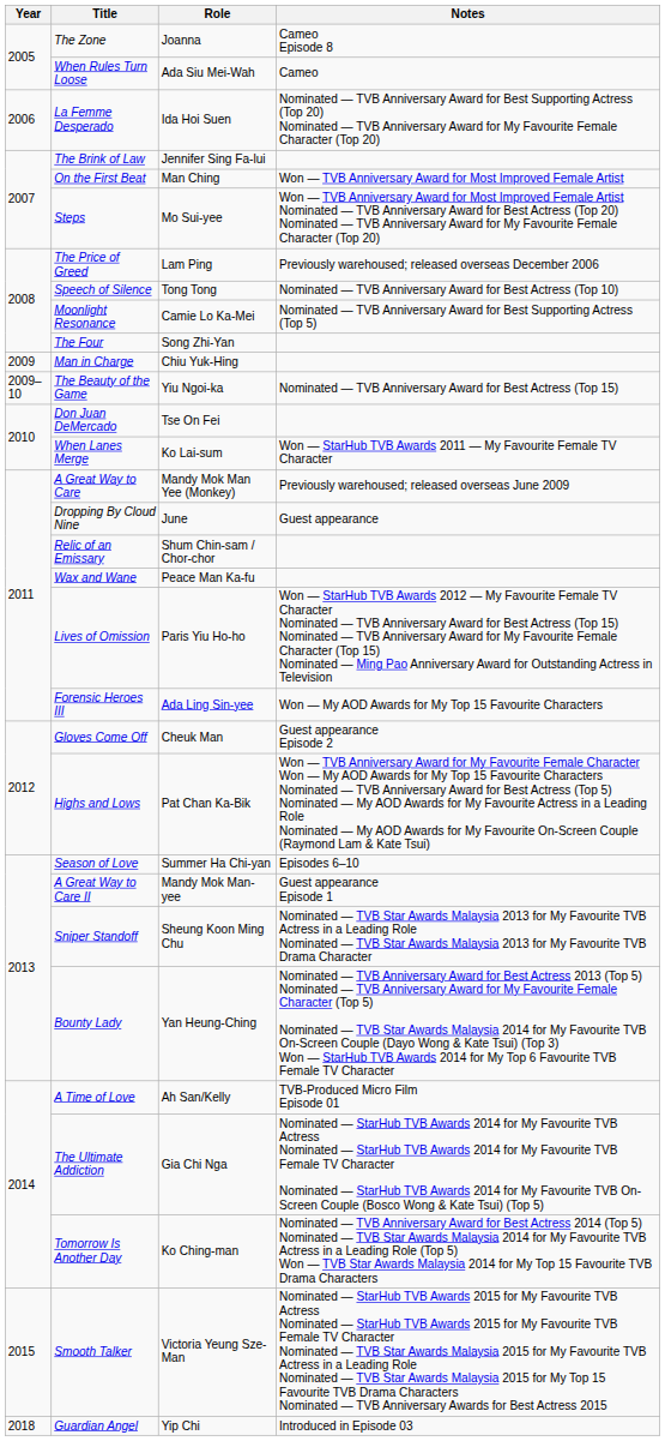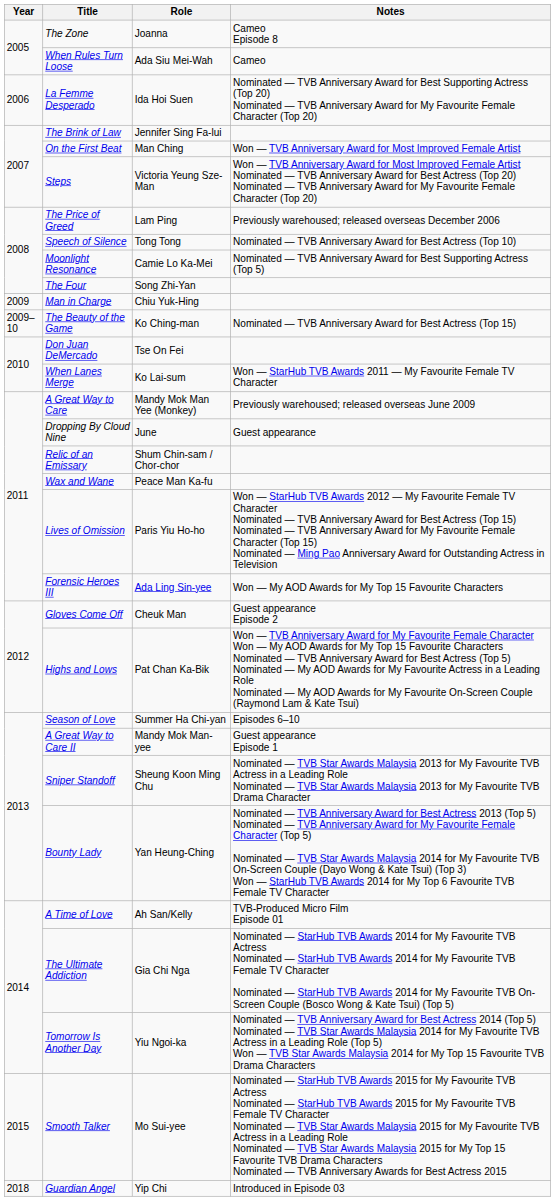 <table class="wikitable sortable">
 <tr>
 <th>Year</th>
 <th>Title</th>
 <th>Role</th>
 <th>Notes</th>
 </tr>
 <tr>
 <td rowspan=2>2005</td>
 <td><em>The Zone</em></td>
 <td>Joanna</td>
 <td>Cameo <br>Episode 8</td>
 </tr>
 <tr>
 <td><em><a href='#'>When Rules Turn Loose</a></em></td>
 <td>Ada Siu Mei-Wah</td>
 <td>Cameo</td>
 </tr>
 <tr>
 <td>2006</td>
 <td><em><a href='#'>La Femme Desperado</a></em></td>
 <td>Ida Hoi Suen</td>
 <td>Nominated — TVB Anniversary Award for Best Supporting Actress (Top 20) <br> Nominated — TVB Anniversary Award for My Favourite Female Character (Top 20)</td>
 </tr>
 <tr>
 <td rowspan=3>2007</td>
 <td><em><a href='#'>The Brink of Law</a></em></td>
 <td>Jennifer Sing Fa-lui</td>
 <td></td>
 </tr>
 <tr>
 <td><em><a href='#'>On the First Beat</a></em></td>
 <td>Man Ching</td>
 <td>Won — <a href='#'>TVB Anniversary Award for Most Improved Female Artist</a></td>
 </tr>
 <tr>
 <td><em><a href='#'>Steps</a></em></td>
-<td>Mo Sui-yee</td>
+<td>Victoria Yeung Sze-Man</td>
 <td>Won — <a href='#'>TVB Anniversary Award for Most Improved Female Artist</a>  <br> Nominated — TVB Anniversary Award for Best Actress (Top 20) <br> Nominated — TVB Anniversary Award for My Favourite Female Character (Top 20)</td>
 </tr>
 <tr>
 <td rowspan=4>2008</td>
 <td><em><a href='#'>The Price of Greed</a></em></td>
 <td>Lam Ping</td>
 <td>Previously warehoused; released overseas December 2006</td>
 </tr>
 <tr>
 <td><em><a href='#'>Speech of Silence</a></em></td>
 <td>Tong Tong</td>
 <td>Nominated — TVB Anniversary Award for Best Actress (Top 10)</td>
 </tr>
 <tr>
 <td><em><a href='#'>Moonlight Resonance</a></em></td>
 <td>Camie Lo Ka-Mei</td>
 <td>Nominated — TVB Anniversary Award for Best Supporting Actress (Top 5)</td>
 </tr>
 <tr>
 <td><em><a href='#'>The Four</a></em></td>
 <td>Song Zhi-Yan</td>
 <td></td>
 </tr>
 <tr>
 <td>2009</td>
 <td><em><a href='#'>Man in Charge</a></em></td>
 <td>Chiu Yuk-Hing</td>
 <td></td>
 </tr>
 <tr>
 <td>2009–10</td>
 <td><em><a href='#'>The Beauty of the Game</a></em></td>
-<td>Yiu Ngoi-ka</td>
+<td>Ko Ching-man</td>
 <td>Nominated — TVB Anniversary Award for Best Actress (Top 15)</td>
 </tr>
 <tr>
 <td rowspan=2>2010</td>
 <td><em><a href='#'>Don Juan DeMercado</a></em></td>
 <td>Tse On Fei</td>
 <td></td>
 </tr>
 <tr>
 <td><em><a href='#'>When Lanes Merge</a></em></td>
 <td>Ko Lai-sum</td>
 <td>Won — <a href='#'>StarHub TVB Awards</a> 2011 — My Favourite Female TV Character</td>
 </tr>
 <tr>
 <td rowspan=6>2011</td>
 <td><em><a href='#'>A Great Way to Care</a></em></td>
 <td>Mandy Mok Man Yee (Monkey)</td>
 <td>Previously warehoused; released overseas June 2009</td>
 </tr>
 <tr>
 <td><em>Dropping By Cloud Nine</em></td>
 <td>June</td>
 <td>Guest appearance</td>
 </tr>
 <tr>
 <td><em><a href='#'>Relic of an Emissary</a></em></td>
 <td>Shum Chin-sam / <br>Chor-chor</td>
 <td></td>
 </tr>
 <tr>
 <td><em><a href='#'>Wax and Wane</a></em></td>
 <td>Peace Man Ka-fu</td>
 <td></td>
 </tr>
 <tr>
 <td><em><a href='#'>Lives of Omission</a></em></td>
 <td>Paris Yiu Ho-ho</td>
 <td>Won — <a href='#'>StarHub TVB Awards</a> 2012 — My Favourite Female TV Character<br>Nominated — TVB Anniversary Award for Best Actress (Top 15)<br>Nominated — TVB Anniversary Award for My Favourite Female Character (Top 15)<br>Nominated — <a href='#'>Ming Pao</a> Anniversary Award for Outstanding Actress in Television</td>
 </tr>
 <tr>
 <td><em><a href='#'>Forensic Heroes III</a></em></td>
 <td><a href='#'>Ada Ling Sin-yee</a></td>
 <td>Won — My AOD Awards for My Top 15 Favourite Characters</td>
 </tr>
 <tr>
 <td rowspan=2>2012</td>
 <td><em><a href='#'>Gloves Come Off</a></em></td>
 <td>Cheuk Man</td>
 <td>Guest appearance<br> Episode 2</td>
 </tr>
 <tr>
 <td><em><a href='#'>Highs and Lows</a></em></td>
 <td>Pat Chan Ka-Bik</td>
 <td>Won — <a href='#'>TVB Anniversary Award for My Favourite Female Character</a><br>Won — My AOD Awards for My Top 15 Favourite Characters<br>Nominated — TVB Anniversary Award for Best Actress (Top 5)<br>Nominated — My AOD Awards for My Favourite Actress in a Leading Role<br>Nominated — My AOD Awards for My Favourite On-Screen Couple (Raymond Lam & Kate Tsui)</td>
 </tr>
 <tr>
 <td rowspan=4>2013</td>
 <td><em><a href='#'>Season of Love</a></em></td>
 <td>Summer Ha Chi-yan</td>
 <td>Episodes 6–10</td>
 </tr>
 <tr>
 <td><em><a href='#'>A Great Way to Care II</a></em></td>
 <td>Mandy Mok Man-yee</td>
 <td>Guest appearance<br>Episode 1</td>
 </tr>
 <tr>
 <td><em><a href='#'>Sniper Standoff</a></em></td>
 <td>Sheung Koon Ming Chu</td>
 <td>Nominated — <a href='#'>TVB Star Awards Malaysia</a> 2013 for My Favourite TVB Actress in a Leading Role<br>Nominated — <a href='#'>TVB Star Awards Malaysia</a> 2013 for My Favourite TVB Drama Character</td>
 </tr>
 <tr>
 <td><em><a href='#'>Bounty Lady</a></em></td>
 <td>Yan Heung-Ching</td>
 <td>Nominated — <a href='#'>TVB Anniversary Award for Best Actress</a> 2013 (Top 5) <br>Nominated — <a href='#'>TVB Anniversary Award for My Favourite Female Character</a> (Top 5)<br><br>Nominated — <a href='#'>TVB Star Awards Malaysia</a> 2014 for My Favourite TVB On-Screen Couple (Dayo Wong & Kate Tsui) (Top 3) <br> Won —  <a href='#'>StarHub TVB Awards</a> 2014 for My Top 6 Favourite TVB Female TV Character</td>
 </tr>
 <tr>
 <td rowspan=3>2014</td>
 <td><em><a href='#'>A Time of Love</a></em></td>
 <td>Ah San/Kelly</td>
 <td>TVB-Produced Micro Film<br>Episode 01</td>
 </tr>
 <tr>
 <td><em><a href='#'>The Ultimate Addiction</a></em></td>
 <td>Gia Chi Nga</td>
 <td>Nominated — <a href='#'>StarHub TVB Awards</a> 2014 for My Favourite TVB Actress <br> Nominated — <a href='#'>StarHub TVB Awards</a> 2014 for My Favourite TVB Female TV Character <br><br>Nominated — <a href='#'>StarHub TVB Awards</a> 2014 for My Favourite TVB On-Screen Couple (Bosco Wong & Kate Tsui) (Top 5)</td>
 </tr>
 <tr>
 <td><em><a href='#'>Tomorrow Is Another Day</a></em></td>
-<td>Ko Ching-man</td>
+<td>Yiu Ngoi-ka</td>
 <td>Nominated — <a href='#'>TVB Anniversary Award for Best Actress</a> 2014 (Top 5) <br>Nominated — <a href='#'>TVB Star Awards Malaysia</a> 2014 for My Favourite TVB Actress in a Leading Role (Top 5)<br>Won — <a href='#'>TVB Star Awards Malaysia</a> 2014 for My Top 15 Favourite TVB Drama Characters</td>
 </tr>
 <tr>
 <td>2015</td>
 <td><em><a href='#'>Smooth Talker</a></em></td>
-<td>Victoria Yeung Sze-Man</td>
+<td>Mo Sui-yee</td>
 <td>Nominated — <a href='#'>StarHub TVB Awards</a> 2015 for My Favourite TVB Actress <br> Nominated — <a href='#'>StarHub TVB Awards</a> 2015 for My Favourite TVB Female TV Character <br>Nominated — <a href='#'>TVB Star Awards Malaysia</a> 2015 for My Favourite TVB Actress in a Leading Role <br>Nominated — <a href='#'>TVB Star Awards Malaysia</a> 2015 for My Top 15 Favourite TVB Drama Characters<br>Nominated — TVB Anniversary Awards for Best Actress 2015</td>
 </tr>
 <tr>
 <td rowspan=1>2018</td>
 <td><em><a href='#'>Guardian Angel</a></em></td>
 <td>Yip Chi</td>
 <td>Introduced in Episode 03</td>
 </tr>
 </table>
